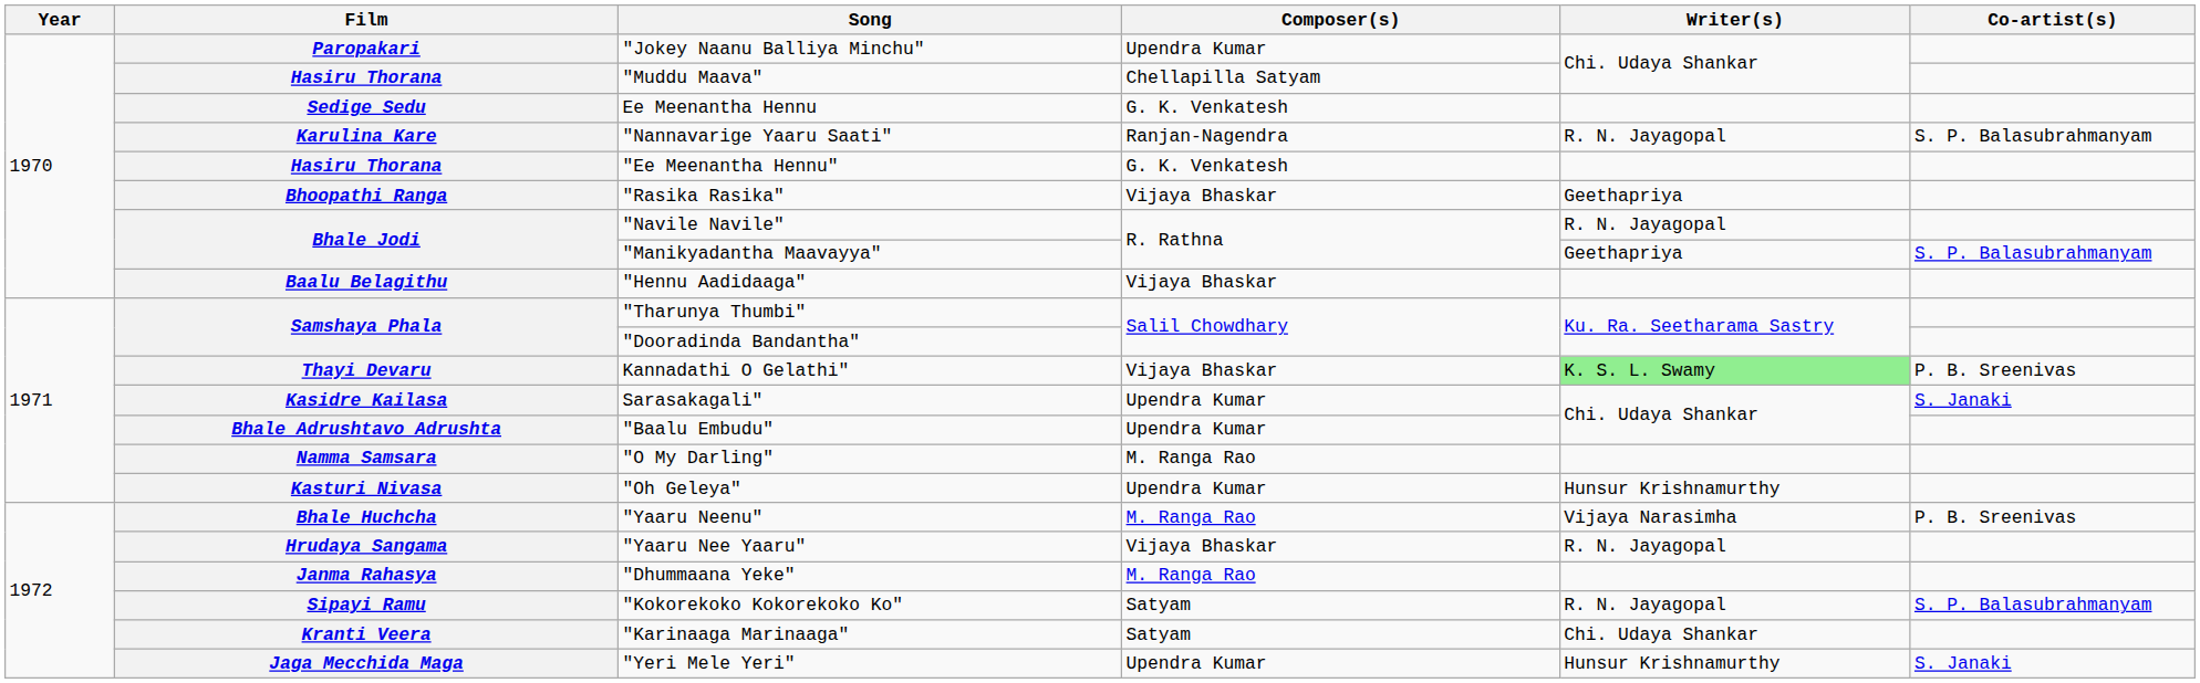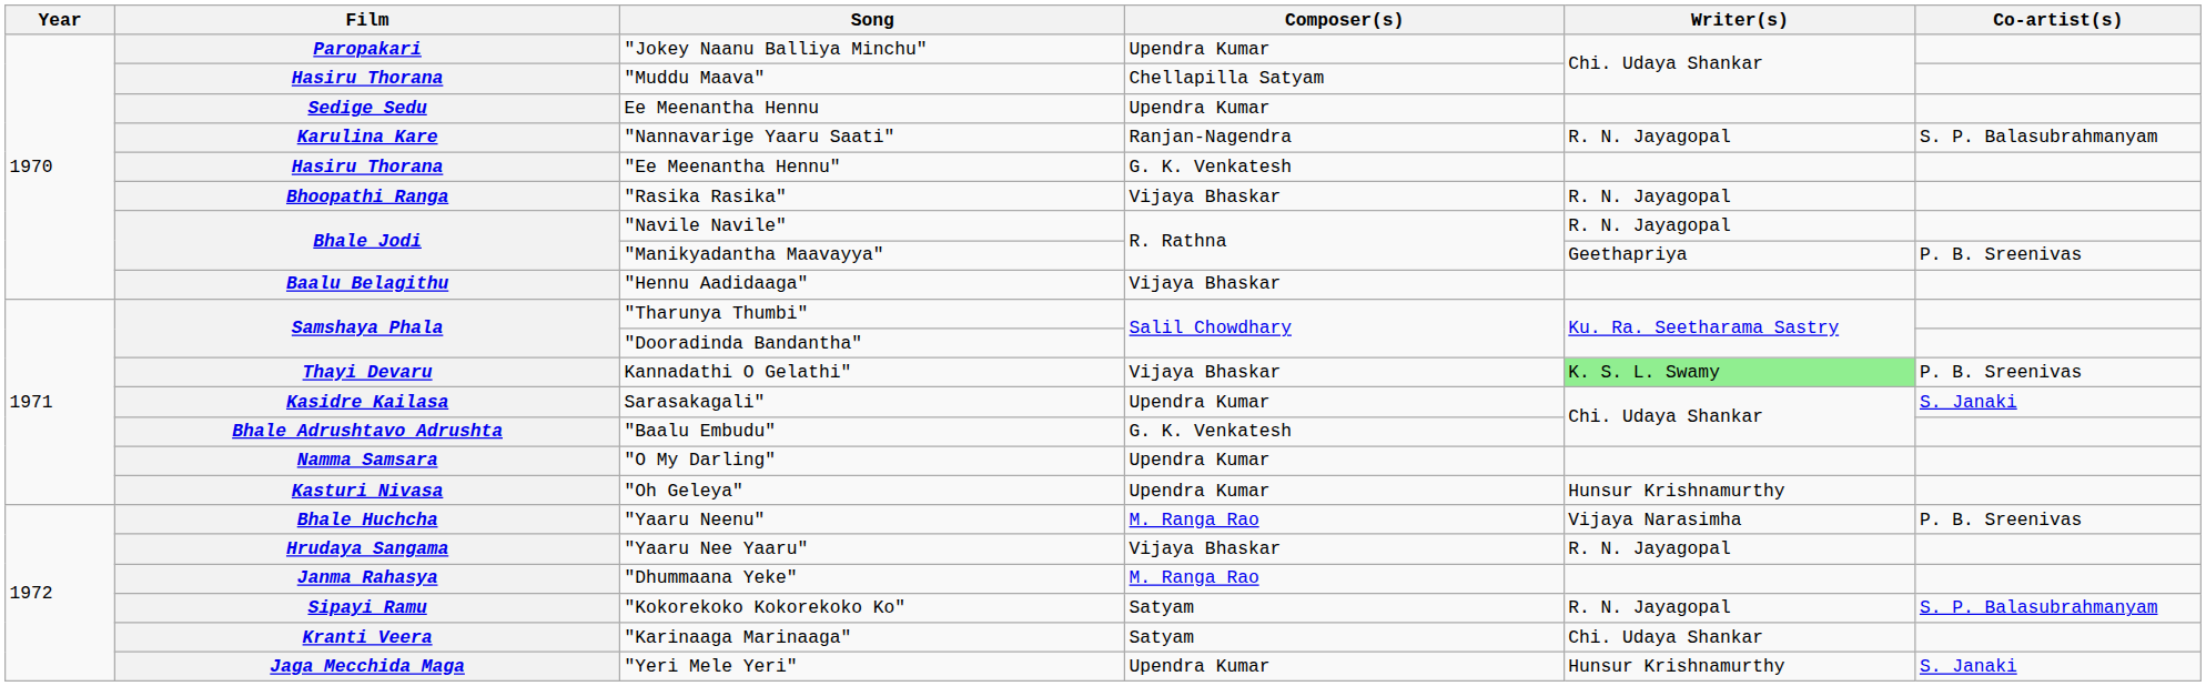 <table class="wikitable plainrowheaders" width="100%" textcolor:#000;">
 <tr style="background:#b0e0e66;">
 <th scope="col" width=5%><strong>Year</strong></th>
 <th scope="col" width=23%><strong>Film</strong></th>
 <th scope="col" width=23%><strong>Song</strong></th>
 <th scope="col" width=20%><strong>Composer(s)</strong></th>
 <th scope="col" width=16%><strong>Writer(s)</strong></th>
 <th scope="col" width=18%><strong>Co-artist(s)</strong></th>
 </tr>
 <tr>
 <td rowspan="9">1970</td>
 <th><em><a href='#'>Paropakari</a></em></th>
 <td>"Jokey Naanu Balliya Minchu"</td>
 <td>Upendra Kumar</td>
 <td rowspan="2">Chi. Udaya Shankar</td>
 <td></td>
 </tr>
 <tr>
 <th><em><a href='#'>Hasiru Thorana</a></em></th>
 <td>"Muddu Maava"</td>
 <td>Chellapilla Satyam</td>
 <td></td>
 </tr>
 <tr>
 <th><em><a href='#'>Sedige Sedu</a></em></th>
 <td>Ee Meenantha Hennu</td>
-<td>G. K. Venkatesh</td>
+<td>Upendra Kumar</td>
 <td></td>
 <td></td>
 </tr>
 <tr>
 <th><em><a href='#'>Karulina Kare</a></em></th>
 <td>"Nannavarige Yaaru Saati"</td>
 <td>Ranjan-Nagendra</td>
 <td>R. N. Jayagopal</td>
 <td>S. P. Balasubrahmanyam</td>
 </tr>
 <tr>
 <th><em><a href='#'>Hasiru Thorana</a></em></th>
 <td>"Ee Meenantha Hennu"</td>
 <td>G. K. Venkatesh</td>
 <td></td>
 <td></td>
 </tr>
 <tr>
 <th><em><a href='#'>Bhoopathi Ranga</a></em></th>
 <td>"Rasika Rasika"</td>
 <td>Vijaya Bhaskar</td>
-<td>Geethapriya</td>
+<td>R. N. Jayagopal</td>
 <td></td>
 </tr>
 <tr>
 <th rowspan="2"><em><a href='#'>Bhale Jodi</a></em></th>
 <td>"Navile Navile"</td>
 <td rowspan="2">R. Rathna</td>
 <td>R. N. Jayagopal</td>
 <td></td>
 </tr>
 <tr>
 <td>"Manikyadantha Maavayya"</td>
 <td>Geethapriya</td>
-<td><a href='#'>S. P. Balasubrahmanyam</a></td>
+<td>P. B. Sreenivas</td>
 </tr>
 <tr>
 <th><em><a href='#'>Baalu Belagithu</a></em></th>
 <td>"Hennu Aadidaaga"</td>
 <td>Vijaya Bhaskar</td>
 <td></td>
 <td></td>
 </tr>
 <tr>
 <td rowspan="7">1971</td>
 <th rowspan=2><em><a href='#'>Samshaya Phala</a></em></th>
 <td>"Tharunya Thumbi"</td>
 <td rowspan="2"><a href='#'>Salil Chowdhary</a></td>
 <td rowspan="2"><a href='#'>Ku. Ra. Seetharama Sastry</a></td>
 <td></td>
 </tr>
 <tr>
 <td>"Dooradinda Bandantha"</td>
 <td></td>
 </tr>
 <tr>
 <th><em><a href='#'>Thayi Devaru</a></em></th>
 <td>Kannadathi O Gelathi"</td>
 <td>Vijaya Bhaskar</td>
 <td style="background: lightgreen;">K. S. L. Swamy</td>
 <td>P. B. Sreenivas</td>
 </tr>
 <tr>
 <th><em><a href='#'>Kasidre Kailasa</a></em></th>
 <td>Sarasakagali"</td>
 <td>Upendra Kumar</td>
 <td rowspan="2">Chi. Udaya Shankar</td>
 <td><a href='#'>S. Janaki</a></td>
 </tr>
 <tr>
 <th><em><a href='#'>Bhale Adrushtavo Adrushta</a></em></th>
 <td>"Baalu Embudu"</td>
-<td>Upendra Kumar</td>
+<td>G. K. Venkatesh</td>
 <td></td>
 </tr>
 <tr>
 <th><em><a href='#'>Namma Samsara</a></em></th>
 <td>"O My Darling"</td>
-<td>M. Ranga Rao</td>
+<td>Upendra Kumar</td>
 <td></td>
 <td></td>
 </tr>
 <tr>
 <th><em><a href='#'>Kasturi Nivasa</a></em></th>
 <td>"Oh Geleya"</td>
 <td>Upendra Kumar</td>
 <td>Hunsur Krishnamurthy</td>
 <td></td>
 </tr>
 <tr>
 <td rowspan=6>1972</td>
 <th><em><a href='#'>Bhale Huchcha</a></em></th>
 <td>"Yaaru Neenu"</td>
 <td><a href='#'>M. Ranga Rao</a></td>
 <td>Vijaya Narasimha</td>
 <td>P. B. Sreenivas</td>
 </tr>
 <tr>
 <th><em><a href='#'>Hrudaya Sangama</a></em></th>
 <td>"Yaaru Nee Yaaru"</td>
 <td>Vijaya Bhaskar</td>
 <td>R. N. Jayagopal</td>
 <td></td>
 </tr>
 <tr>
 <th><em><a href='#'>Janma Rahasya</a></em></th>
 <td>"Dhummaana Yeke"</td>
 <td><a href='#'>M. Ranga Rao</a></td>
 <td></td>
 <td></td>
 </tr>
 <tr>
 <th><em><a href='#'>Sipayi Ramu</a></em></th>
 <td>"Kokorekoko Kokorekoko Ko"</td>
 <td>Satyam</td>
 <td>R. N. Jayagopal</td>
 <td><a href='#'>S. P. Balasubrahmanyam</a></td>
 </tr>
 <tr>
 <th><em><a href='#'>Kranti Veera</a></em></th>
 <td>"Karinaaga Marinaaga"</td>
 <td>Satyam</td>
 <td>Chi. Udaya Shankar</td>
 <td></td>
 </tr>
 <tr>
 <th><em><a href='#'>Jaga Mecchida Maga</a></em></th>
 <td>"Yeri Mele Yeri"</td>
 <td>Upendra Kumar</td>
 <td>Hunsur Krishnamurthy</td>
 <td><a href='#'>S. Janaki</a></td>
 </tr>
 </table>
